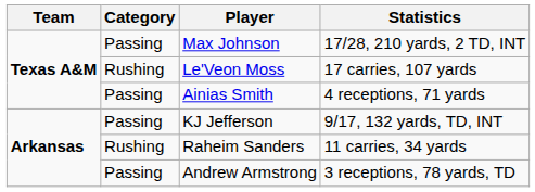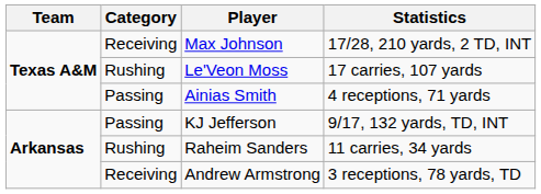 <table class="wikitable" style="float: right;">
 <tr>
 <th>Team</th>
 <th>Category</th>
 <th>Player</th>
 <th>Statistics</th>
 </tr>
 <tr>
 <td rowspan=3><strong>Texas A&M</strong></td>
-<td>Passing</td>
+<td>Receiving</td>
 <td><a href='#'>Max Johnson</a></td>
 <td>17/28, 210 yards, 2 TD, INT</td>
 </tr>
 <tr>
 <td>Rushing</td>
 <td><a href='#'>Le'Veon Moss</a></td>
 <td>17 carries, 107 yards</td>
 </tr>
 <tr>
 <td>Passing</td>
 <td><a href='#'>Ainias Smith</a></td>
 <td>4 receptions, 71 yards</td>
 </tr>
 <tr>
 <td rowspan=3><strong>Arkansas</strong></td>
 <td>Passing</td>
 <td>KJ Jefferson</td>
 <td>9/17, 132 yards, TD, INT</td>
 </tr>
 <tr>
 <td>Rushing</td>
 <td>Raheim Sanders</td>
 <td>11 carries, 34 yards</td>
 </tr>
 <tr>
-<td>Passing</td>
+<td>Receiving</td>
 <td>Andrew Armstrong</td>
 <td>3 receptions, 78 yards, TD</td>
 </tr>
 </table>
